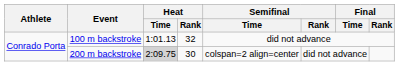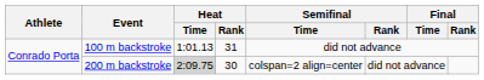 <table class=wikitable style="font-size:90%">
 <tr>
 <th rowspan="2">Athlete</th>
 <th rowspan="2">Event</th>
 <th colspan="2">Heat</th>
 <th colspan="2">Semifinal</th>
 <th colspan="2">Final</th>
 </tr>
 <tr style="font-size:95%">
 <th>Time</th>
 <th>Rank</th>
 <th>Time</th>
 <th>Rank</th>
 <th>Time</th>
 <th>Rank</th>
 </tr>
 <tr>
 <td rowspan="2"><a href='#'>Conrado Porta</a></td>
 <td><a href='#'>100 m backstroke</a></td>
 <td align="center">1:01.13</td>
-<td align="center">32</td>
+<td align="center">31</td>
 <td align="center" colspan=4>did not advance</td>
 </tr>
 <tr>
 <td><a href='#'>200 m backstroke</a></td>
 <td align="center" style="background: lightgrey;">2:09.75</td>
 <td align="center">30</td>
 <td>colspan=2 align=center </td>
 <td align=center colspan=2>did not advance</td>
 </tr>
 </table>
